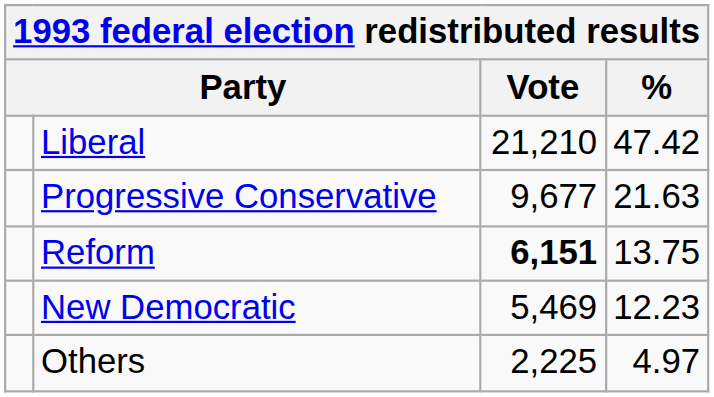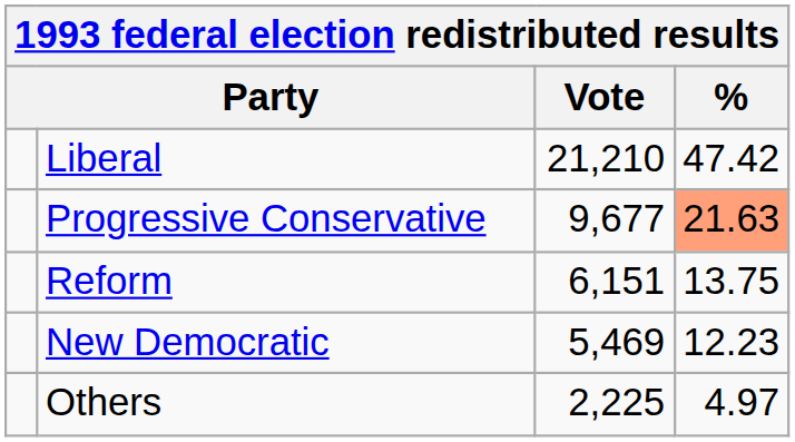 <table class="wikitable">
 <tr>
 <th colspan="4"><a href='#'>1993 federal election</a> redistributed results</th>
 </tr>
 <tr>
 <th bgcolor="#DDDDFF" width="130px" colspan="2">Party</th>
 <th bgcolor="#DDDDFF" width="50px">Vote</th>
 <th bgcolor="#DDDDFF" width="30px">%</th>
 </tr>
 <tr>
 <td> </td>
 <td><a href='#'>Liberal</a></td>
 <td align=right>21,210</td>
 <td align=right>47.42</td>
 </tr>
 <tr>
 <td> </td>
 <td><a href='#'>Progressive Conservative</a></td>
 <td align=right>9,677</td>
-<td align=right>21.63</td>
+<td align=right style="background: lightsalmon;">21.63</td>
 </tr>
 <tr>
 <td> </td>
 <td><a href='#'>Reform</a></td>
-<td align=right><strong>6,151</strong></td>
+<td align=right>6,151</td>
 <td align=right>13.75</td>
 </tr>
 <tr>
 <td> </td>
 <td><a href='#'>New Democratic</a></td>
 <td align=right>5,469</td>
 <td align=right>12.23</td>
 </tr>
 <tr>
 <td> </td>
 <td>Others</td>
 <td align=right>2,225</td>
 <td align=right>4.97</td>
 </tr>
 </table>
